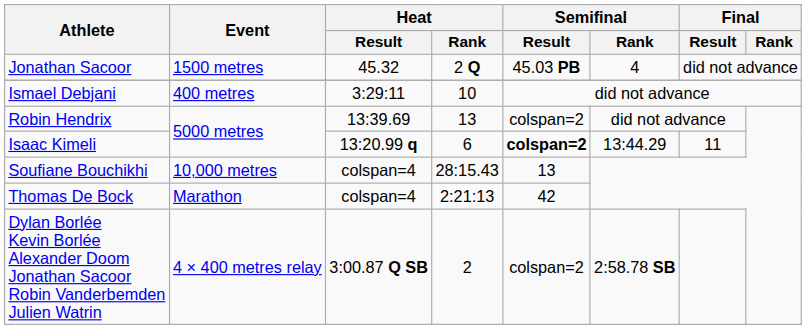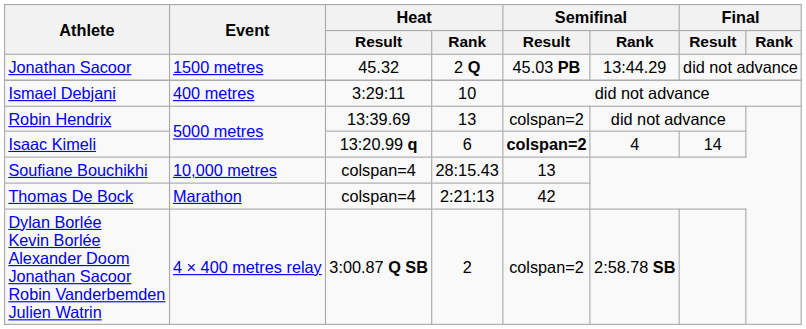 <table class=wikitable style=font-size:90%>
 <tr>
 <th rowspan=2>Athlete</th>
 <th rowspan=2>Event</th>
 <th colspan=2>Heat</th>
 <th colspan=2>Semifinal</th>
 <th colspan=2>Final</th>
 </tr>
 <tr style=font-size:95%>
 <th>Result</th>
 <th>Rank</th>
 <th>Result</th>
 <th>Rank</th>
 <th>Result</th>
 <th>Rank</th>
 </tr>
 <tr align=center>
 <td align=left><a href='#'>Jonathan Sacoor</a></td>
 <td align=left><a href='#'>1500 metres</a></td>
 <td>45.32</td>
 <td>2 <strong>Q</strong></td>
 <td>45.03 <strong>PB</strong></td>
-<td>4</td>
+<td>13:44.29</td>
 <td colspan=2>did not advance</td>
 </tr>
 <tr align=center>
 </tr>
 <tr align=center>
 <td align=left><a href='#'>Ismael Debjani</a></td>
 <td align=left><a href='#'>400 metres</a></td>
 <td>3:29:11</td>
 <td>10</td>
 <td colspan=4>did not advance</td>
 </tr>
 <tr align=center>
 <td align=left><a href='#'>Robin Hendrix</a></td>
 <td align=left rowspan=2><a href='#'>5000 metres</a></td>
 <td>13:39.69</td>
 <td>13</td>
 <td>colspan=2</td>
 <td colspan=2>did not advance</td>
 </tr>
 <tr align=center>
 <td align=left><a href='#'>Isaac Kimeli</a></td>
 <td>13:20.99 <strong>q</strong></td>
 <td>6</td>
 <td><strong>colspan=2</strong></td>
-<td>13:44.29</td>
-<td>11</td>
+<td>4</td>
+<td>14</td>
 </tr>
 <tr align=center>
 <td align=left><a href='#'>Soufiane Bouchikhi</a></td>
 <td align=left><a href='#'>10,000 metres</a></td>
 <td>colspan=4</td>
 <td>28:15.43</td>
 <td>13</td>
 </tr>
 <tr align=center>
 <td align=left><a href='#'>Thomas De Bock</a></td>
 <td align=left><a href='#'>Marathon</a></td>
 <td>colspan=4</td>
 <td>2:21:13</td>
 <td>42</td>
 </tr>
 <tr align=center>
 <td align=left><a href='#'>Dylan Borlée</a><br><a href='#'>Kevin Borlée</a><br><a href='#'>Alexander Doom</a><br><a href='#'>Jonathan Sacoor</a><br><a href='#'>Robin Vanderbemden</a><br> <a href='#'>Julien Watrin</a></td>
 <td align=left><a href='#'>4 × 400 metres relay</a></td>
 <td>3:00.87 <strong>Q SB</strong></td>
 <td>2</td>
 <td>colspan=2</td>
 <td>2:58.78 <strong>SB</strong></td>
 <td></td>
 </tr>
 </table>
